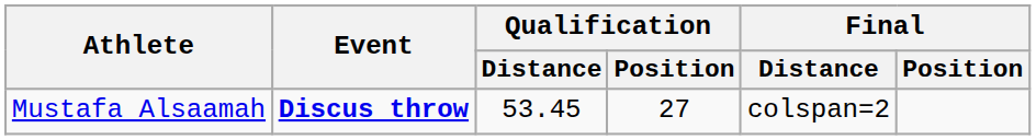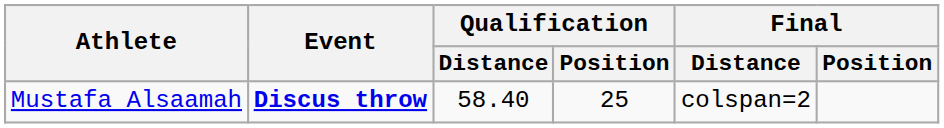 <table class=wikitable style="font-size:90%">
 <tr>
 <th rowspan="2">Athlete</th>
 <th rowspan="2">Event</th>
 <th colspan="2">Qualification</th>
 <th colspan="2">Final</th>
 </tr>
 <tr style="font-size:95%">
 <th>Distance</th>
 <th>Position</th>
 <th>Distance</th>
 <th>Position</th>
 </tr>
 <tr style=text-align:center>
 <td style=text-align:left><a href='#'>Mustafa Alsaamah</a></td>
 <td style=text-align:left><strong><a href='#'>Discus throw</a></strong></td>
-<td>53.45</td>
-<td>27</td>
+<td>58.40</td>
+<td>25</td>
 <td>colspan=2 </td>
 </tr>
 </table>
